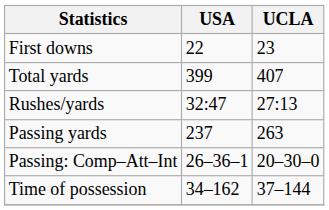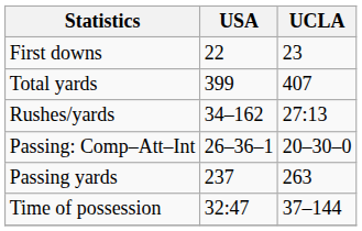 <table class="wikitable" style="float: left;">
 <tr>
 <th>Statistics</th>
 <th>USA</th>
 <th>UCLA</th>
 </tr>
 <tr>
 <td>First downs</td>
 <td>22</td>
 <td>23</td>
 </tr>
 <tr>
 <td>Total yards</td>
 <td>399</td>
 <td>407</td>
 </tr>
 <tr>
 <td>Rushes/yards</td>
-<td>32:47</td>
+<td>34–162</td>
 <td>27:13</td>
+</tr>
+<tr>
+<td>Passing: Comp–Att–Int</td>
+<td>26–36–1</td>
+<td>20–30–0</td>
 </tr>
 <tr>
 <td>Passing yards</td>
 <td>237</td>
 <td>263</td>
 </tr>
 <tr>
-<td>Passing: Comp–Att–Int</td>
-<td>26–36–1</td>
-<td>20–30–0</td>
-</tr>
-<tr>
 <td>Time of possession</td>
-<td>34–162</td>
+<td>32:47</td>
 <td>37–144</td>
 </tr>
 <tr>
 </tr>
 </table>
